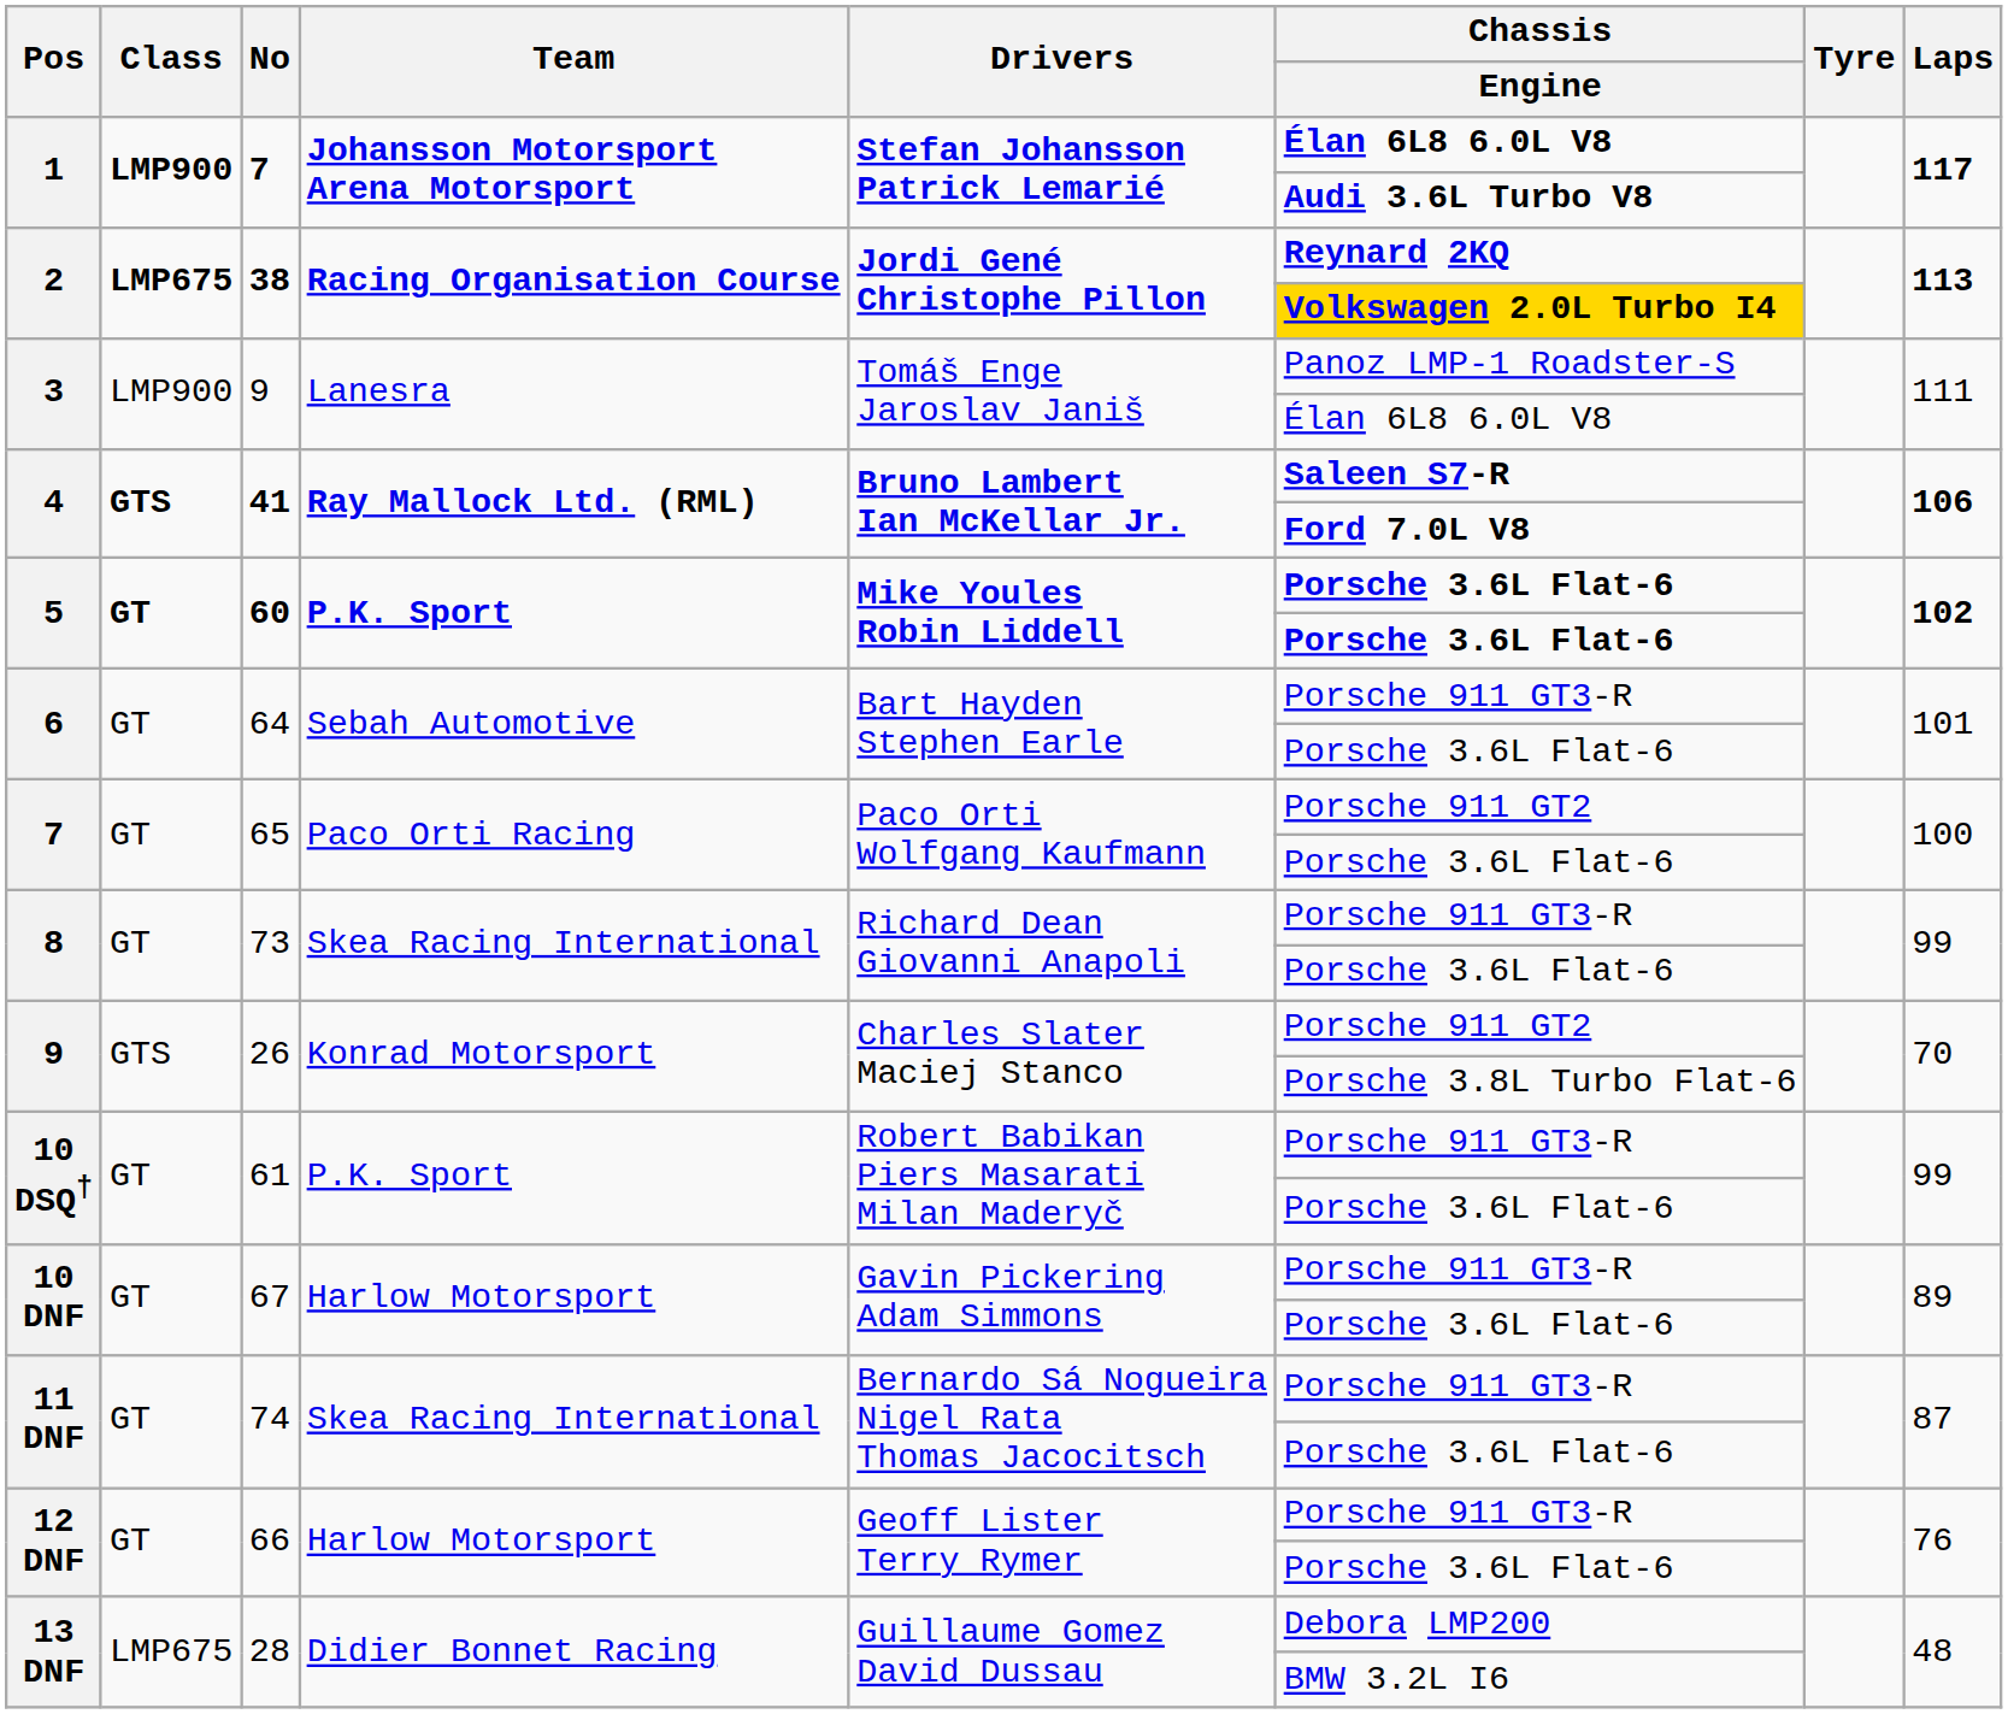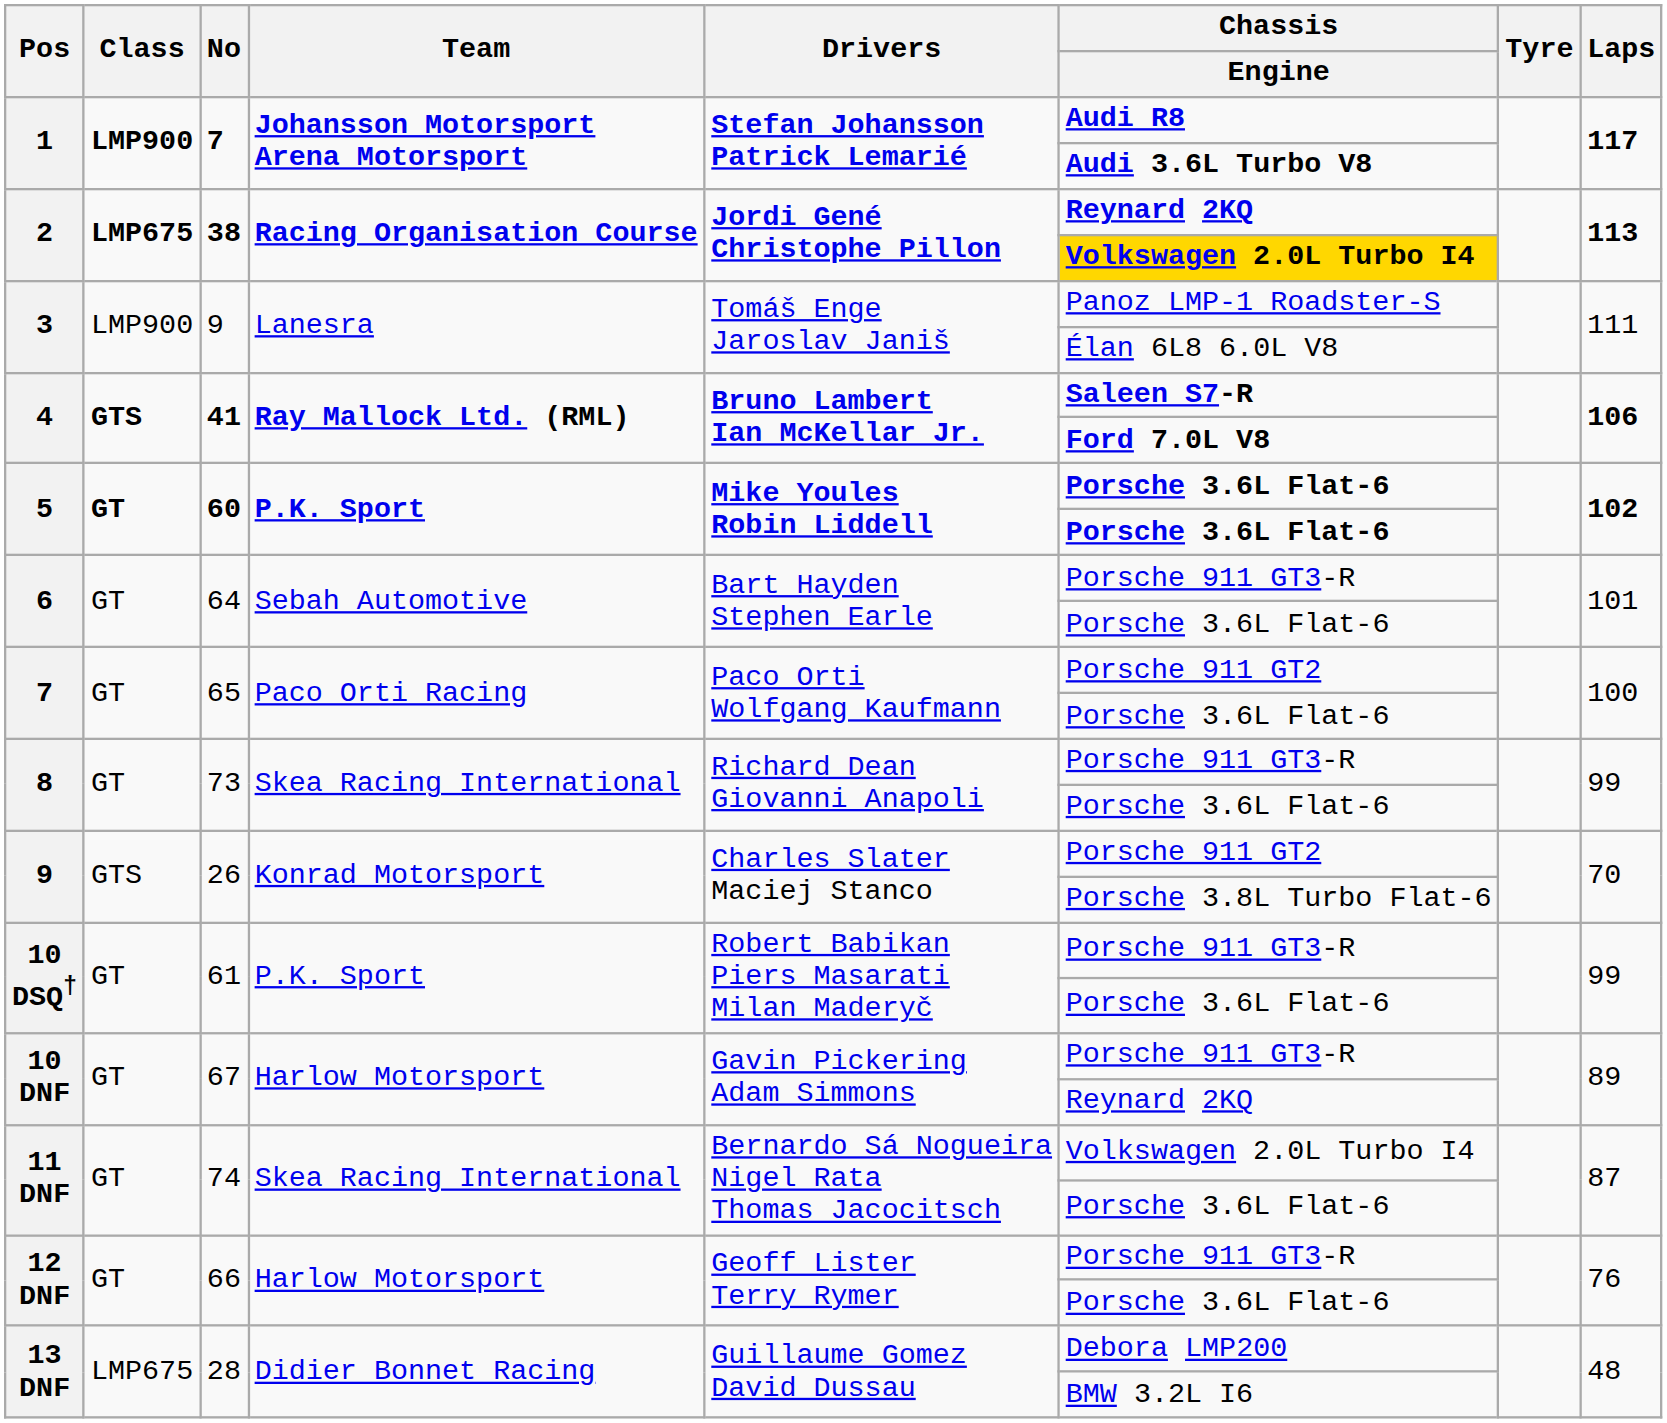 <table class="wikitable" style="font-size: 95%;">
 <tr>
 <th rowspan=2>Pos</th>
 <th rowspan=2>Class</th>
 <th rowspan=2>No</th>
 <th rowspan=2>Team</th>
 <th rowspan=2>Drivers</th>
 <th>Chassis</th>
 <th rowspan=2>Tyre</th>
 <th rowspan=2>Laps</th>
 </tr>
 <tr>
 <th>Engine</th>
 </tr>
 <tr style="font-weight:bold">
 <th rowspan=2>1</th>
 <td rowspan=2>LMP900</td>
 <td rowspan=2>7</td>
 <td rowspan=2> <a href='#'>Johansson Motorsport</a><br> <a href='#'>Arena Motorsport</a></td>
 <td rowspan=2> <a href='#'>Stefan Johansson</a><br> <a href='#'>Patrick Lemarié</a></td>
-<td><a href='#'>Élan</a> 6L8 6.0L V8</td>
+<td><a href='#'>Audi R8</a></td>
 <td rowspan=2></td>
 <td rowspan=2>117</td>
 </tr>
 <tr style="font-weight:bold">
 <td><a href='#'>Audi</a> 3.6L Turbo V8</td>
 </tr>
 <tr style="font-weight:bold">
 <th rowspan=2>2</th>
 <td rowspan=2>LMP675</td>
 <td rowspan=2>38</td>
 <td rowspan=2> <a href='#'>Racing Organisation Course</a></td>
 <td rowspan=2> <a href='#'>Jordi Gené</a><br> <a href='#'>Christophe Pillon</a></td>
 <td><a href='#'>Reynard</a> <a href='#'>2KQ</a></td>
 <td rowspan=2></td>
 <td rowspan=2>113</td>
 </tr>
 <tr style="font-weight:bold">
 <td style="background: gold;"><a href='#'>Volkswagen</a> 2.0L Turbo I4</td>
 </tr>
 <tr>
 <th rowspan=2>3</th>
 <td rowspan=2>LMP900</td>
 <td rowspan=2>9</td>
 <td rowspan=2> <a href='#'>Lanesra</a></td>
 <td rowspan=2> <a href='#'>Tomáš Enge</a><br> <a href='#'>Jaroslav Janiš</a></td>
 <td><a href='#'>Panoz LMP-1 Roadster-S</a></td>
 <td rowspan=2></td>
 <td rowspan=2>111</td>
 </tr>
 <tr>
 <td><a href='#'>Élan</a> 6L8 6.0L V8</td>
 </tr>
 <tr style="font-weight:bold">
 <th rowspan=2>4</th>
 <td rowspan=2>GTS</td>
 <td rowspan=2>41</td>
 <td rowspan=2> <a href='#'>Ray Mallock Ltd.</a> (RML)</td>
 <td rowspan=2> <a href='#'>Bruno Lambert</a><br> <a href='#'>Ian McKellar Jr.</a></td>
 <td><a href='#'>Saleen S7</a>-R</td>
 <td rowspan=2></td>
 <td rowspan=2>106</td>
 </tr>
 <tr style="font-weight:bold">
 <td><a href='#'>Ford</a> 7.0L V8</td>
 </tr>
 <tr style="font-weight:bold">
 <th rowspan=2>5</th>
 <td rowspan=2>GT</td>
 <td rowspan=2>60</td>
 <td rowspan=2> <a href='#'>P.K. Sport</a></td>
 <td rowspan=2> <a href='#'>Mike Youles</a><br> <a href='#'>Robin Liddell</a></td>
 <td><a href='#'>Porsche</a> 3.6L Flat-6</td>
 <td rowspan=2></td>
 <td rowspan=2>102</td>
 </tr>
 <tr style="font-weight:bold">
 <td><a href='#'>Porsche</a> 3.6L Flat-6</td>
 </tr>
 <tr>
 <th rowspan=2>6</th>
 <td rowspan=2>GT</td>
 <td rowspan=2>64</td>
 <td rowspan=2> <a href='#'>Sebah Automotive</a></td>
 <td rowspan=2> <a href='#'>Bart Hayden</a><br> <a href='#'>Stephen Earle</a></td>
 <td><a href='#'>Porsche 911 GT3</a>-R</td>
 <td rowspan=2></td>
 <td rowspan=2>101</td>
 </tr>
 <tr>
 <td><a href='#'>Porsche</a> 3.6L Flat-6</td>
 </tr>
 <tr>
 <th rowspan=2>7</th>
 <td rowspan=2>GT</td>
 <td rowspan=2>65</td>
 <td rowspan=2> <a href='#'>Paco Orti Racing</a></td>
 <td rowspan=2> <a href='#'>Paco Orti</a><br> <a href='#'>Wolfgang Kaufmann</a></td>
 <td><a href='#'>Porsche 911 GT2</a></td>
 <td rowspan=2></td>
 <td rowspan=2>100</td>
 </tr>
 <tr>
 <td><a href='#'>Porsche</a> 3.6L Flat-6</td>
 </tr>
 <tr>
 <th rowspan=2>8</th>
 <td rowspan=2>GT</td>
 <td rowspan=2>73</td>
 <td rowspan=2> <a href='#'>Skea Racing International</a></td>
 <td rowspan=2> <a href='#'>Richard Dean</a><br> <a href='#'>Giovanni Anapoli</a></td>
 <td><a href='#'>Porsche 911 GT3</a>-R</td>
 <td rowspan=2></td>
 <td rowspan=2>99</td>
 </tr>
 <tr>
 <td><a href='#'>Porsche</a> 3.6L Flat-6</td>
 </tr>
 <tr>
 <th rowspan=2>9</th>
 <td rowspan=2>GTS</td>
 <td rowspan=2>26</td>
 <td rowspan=2> <a href='#'>Konrad Motorsport</a></td>
 <td rowspan=2> <a href='#'>Charles Slater</a><br> Maciej Stanco</td>
 <td><a href='#'>Porsche 911 GT2</a></td>
 <td rowspan=2></td>
 <td rowspan=2>70</td>
 </tr>
 <tr>
 <td><a href='#'>Porsche</a> 3.8L Turbo Flat-6</td>
 </tr>
 <tr>
 <th rowspan=2>10<br>DSQ<sup>†</sup></th>
 <td rowspan=2>GT</td>
 <td rowspan=2>61</td>
 <td rowspan=2> <a href='#'>P.K. Sport</a></td>
 <td rowspan=2> <a href='#'>Robert Babikan</a><br> <a href='#'>Piers Masarati</a><br> <a href='#'>Milan Maderyč</a></td>
 <td><a href='#'>Porsche 911 GT3</a>-R</td>
 <td rowspan=2></td>
 <td rowspan=2>99</td>
 </tr>
 <tr>
 <td><a href='#'>Porsche</a> 3.6L Flat-6</td>
 </tr>
 <tr>
 <th rowspan=2>10<br>DNF</th>
 <td rowspan=2>GT</td>
 <td rowspan=2>67</td>
 <td rowspan=2> <a href='#'>Harlow Motorsport</a></td>
 <td rowspan=2> <a href='#'>Gavin Pickering</a><br> <a href='#'>Adam Simmons</a></td>
 <td><a href='#'>Porsche 911 GT3</a>-R</td>
 <td rowspan=2></td>
 <td rowspan=2>89</td>
 </tr>
 <tr>
-<td><a href='#'>Porsche</a> 3.6L Flat-6</td>
+<td><a href='#'>Reynard</a> <a href='#'>2KQ</a></td>
 </tr>
 <tr>
 <th rowspan=2>11<br>DNF</th>
 <td rowspan=2>GT</td>
 <td rowspan=2>74</td>
 <td rowspan=2> <a href='#'>Skea Racing International</a></td>
 <td rowspan=2> <a href='#'>Bernardo Sá Nogueira</a><br> <a href='#'>Nigel Rata</a><br> <a href='#'>Thomas Jacocitsch</a></td>
-<td><a href='#'>Porsche 911 GT3</a>-R</td>
+<td><a href='#'>Volkswagen</a> 2.0L Turbo I4</td>
 <td rowspan=2></td>
 <td rowspan=2>87</td>
 </tr>
 <tr>
 <td><a href='#'>Porsche</a> 3.6L Flat-6</td>
 </tr>
 <tr>
 <th rowspan=2>12<br>DNF</th>
 <td rowspan=2>GT</td>
 <td rowspan=2>66</td>
 <td rowspan=2> <a href='#'>Harlow Motorsport</a></td>
 <td rowspan=2> <a href='#'>Geoff Lister</a><br> <a href='#'>Terry Rymer</a></td>
 <td><a href='#'>Porsche 911 GT3</a>-R</td>
 <td rowspan=2></td>
 <td rowspan=2>76</td>
 </tr>
 <tr>
 <td><a href='#'>Porsche</a> 3.6L Flat-6</td>
 </tr>
 <tr>
 <th rowspan=2>13<br>DNF</th>
 <td rowspan=2>LMP675</td>
 <td rowspan=2>28</td>
 <td rowspan=2> <a href='#'>Didier Bonnet Racing</a></td>
 <td rowspan=2> <a href='#'>Guillaume Gomez</a><br> <a href='#'>David Dussau</a></td>
 <td><a href='#'>Debora</a> <a href='#'>LMP200</a></td>
 <td rowspan=2></td>
 <td rowspan=2>48</td>
 </tr>
 <tr>
 <td><a href='#'>BMW</a> 3.2L I6</td>
 </tr>
 </table>
